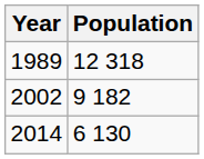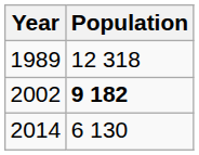 <table class="wikitable">
 <tr>
 <th>Year</th>
 <th>Population</th>
 </tr>
 <tr>
 <td>1989</td>
 <td>12 318</td>
 </tr>
 <tr>
 <td>2002</td>
-<td>9 182 </td>
+<td><strong>9 182 </strong></td>
 </tr>
 <tr>
 <td>2014</td>
 <td>6 130 </td>
 </tr>
 </table>
